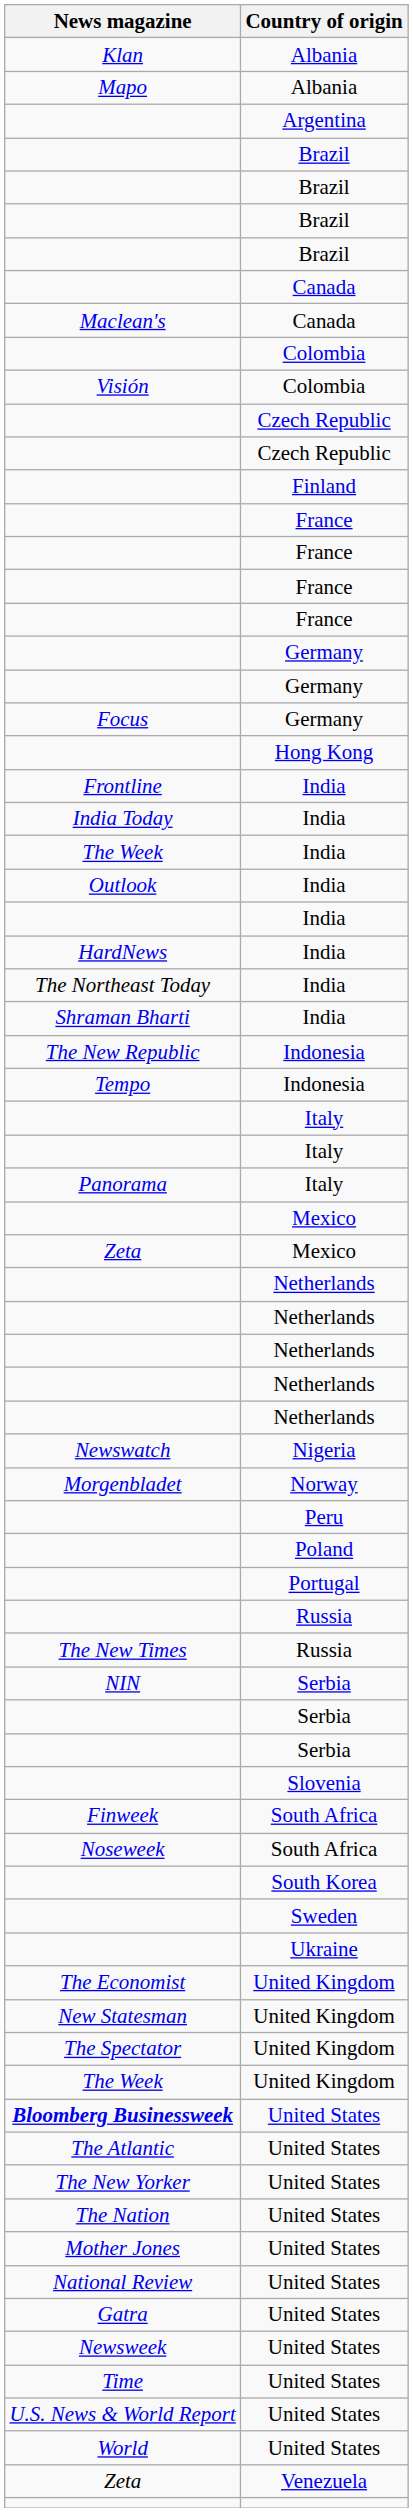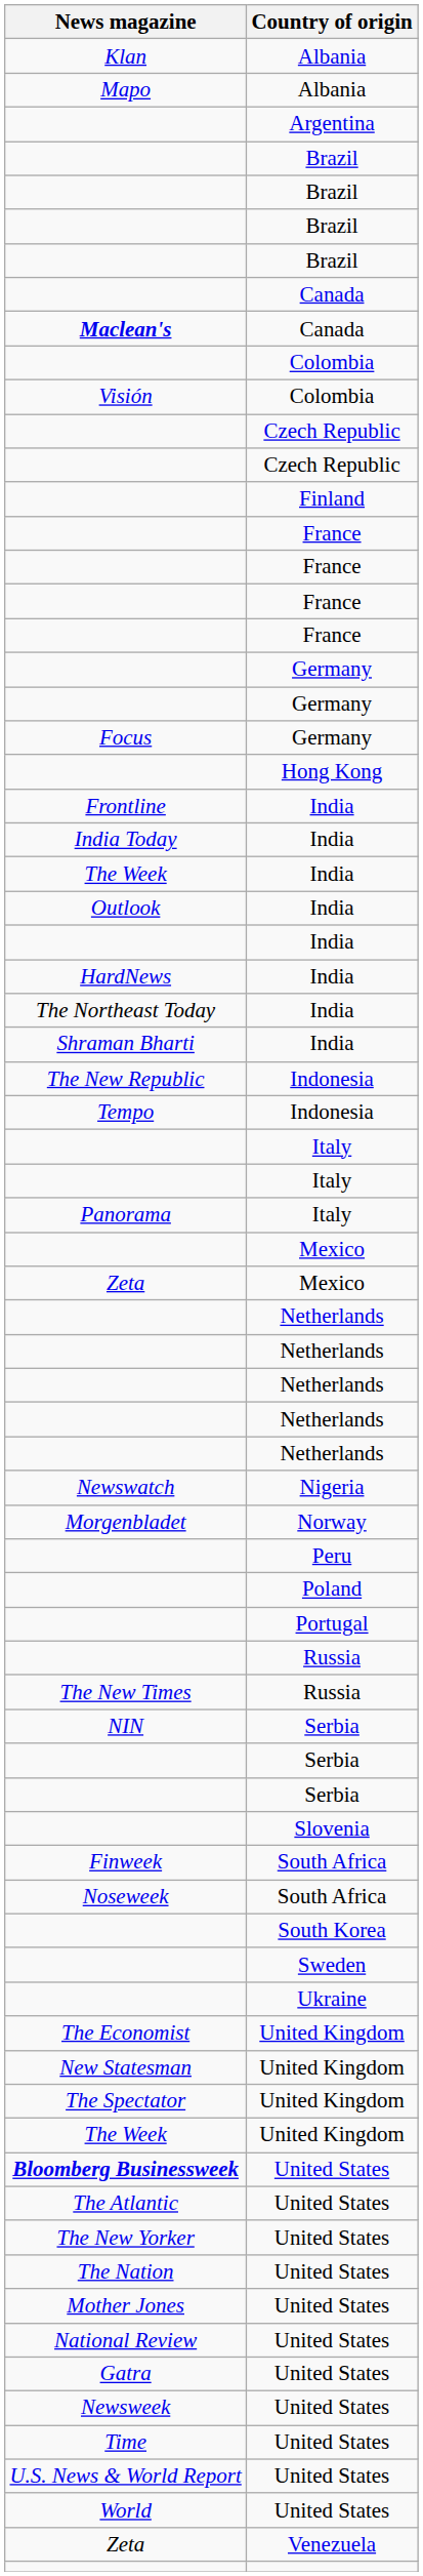 <table class="wikitable sortable" style="text-align:center">
 <tr>
 <th>News magazine</th>
 <th>Country of origin</th>
 </tr>
 <tr>
 <td><em><a href='#'>Klan</a></em></td>
 <td><a href='#'>Albania</a></td>
 </tr>
 <tr>
 <td><em><a href='#'>Mapo</a></em></td>
 <td>Albania</td>
 </tr>
 <tr>
 <td></td>
 <td><a href='#'>Argentina</a></td>
 </tr>
 <tr>
 <td></td>
 <td><a href='#'>Brazil</a></td>
 </tr>
 <tr>
 <td></td>
 <td>Brazil</td>
 </tr>
 <tr>
 <td></td>
 <td>Brazil</td>
 </tr>
 <tr>
 <td></td>
 <td>Brazil</td>
 </tr>
 <tr>
 <td></td>
 <td><a href='#'>Canada</a></td>
 </tr>
 <tr>
-<td><em><a href='#'>Maclean's</a></em></td>
+<td><strong><em><a href='#'>Maclean's</a></em></strong></td>
 <td>Canada</td>
 </tr>
 <tr>
 <td></td>
 <td><a href='#'>Colombia</a></td>
 </tr>
 <tr>
 <td><em><a href='#'>Visión</a></em></td>
 <td>Colombia</td>
 </tr>
 <tr>
 <td></td>
 <td><a href='#'>Czech Republic</a></td>
 </tr>
 <tr>
 <td></td>
 <td>Czech Republic</td>
 </tr>
 <tr>
 <td></td>
 <td><a href='#'>Finland</a></td>
 </tr>
 <tr>
 <td></td>
 <td><a href='#'>France</a></td>
 </tr>
 <tr>
 <td></td>
 <td>France</td>
 </tr>
 <tr>
 <td></td>
 <td>France</td>
 </tr>
 <tr>
 <td></td>
 <td>France</td>
 </tr>
 <tr>
 <td></td>
 <td><a href='#'>Germany</a></td>
 </tr>
 <tr>
 <td></td>
 <td>Germany</td>
 </tr>
 <tr>
 <td><em><a href='#'>Focus</a></em></td>
 <td>Germany</td>
 </tr>
 <tr>
 <td></td>
 <td><a href='#'>Hong Kong</a></td>
 </tr>
 <tr>
 <td><em><a href='#'>Frontline</a></em></td>
 <td><a href='#'>India</a></td>
 </tr>
 <tr>
 <td><em><a href='#'>India Today</a></em></td>
 <td>India</td>
 </tr>
 <tr>
 <td><em><a href='#'>The Week</a></em></td>
 <td>India</td>
 </tr>
 <tr>
 <td><em><a href='#'>Outlook</a></em></td>
 <td>India</td>
 </tr>
 <tr>
 <td></td>
 <td>India</td>
 </tr>
 <tr>
 <td><em><a href='#'>HardNews</a></em></td>
 <td>India</td>
 </tr>
 <tr>
 <td><em>The Northeast Today</em></td>
 <td>India</td>
 </tr>
 <tr>
 <td><em><a href='#'>Shraman Bharti</a></em></td>
 <td>India</td>
 </tr>
 <tr>
 <td><em><a href='#'>The New Republic</a></em></td>
 <td><a href='#'>Indonesia</a></td>
 </tr>
 <tr>
 <td><em><a href='#'>Tempo</a></em></td>
 <td>Indonesia</td>
 </tr>
 <tr>
 <td></td>
 <td><a href='#'>Italy</a></td>
 </tr>
 <tr>
 <td></td>
 <td>Italy</td>
 </tr>
 <tr>
 <td><em><a href='#'>Panorama</a></em></td>
 <td>Italy</td>
 </tr>
 <tr>
 <td></td>
 <td><a href='#'>Mexico</a></td>
 </tr>
 <tr>
 <td><em><a href='#'>Zeta</a></em></td>
 <td>Mexico</td>
 </tr>
 <tr>
 <td></td>
 <td><a href='#'>Netherlands</a></td>
 </tr>
 <tr>
 <td></td>
 <td>Netherlands</td>
 </tr>
 <tr>
 <td></td>
 <td>Netherlands</td>
 </tr>
 <tr>
 <td></td>
 <td>Netherlands</td>
 </tr>
 <tr>
 <td></td>
 <td>Netherlands</td>
 </tr>
 <tr>
 <td><em><a href='#'>Newswatch</a></em></td>
 <td><a href='#'>Nigeria</a></td>
 </tr>
 <tr>
 <td><em><a href='#'>Morgenbladet</a></em></td>
 <td><a href='#'>Norway</a></td>
 </tr>
 <tr>
 <td></td>
 <td><a href='#'>Peru</a></td>
 </tr>
 <tr>
 <td></td>
 <td><a href='#'>Poland</a></td>
 </tr>
 <tr>
 <td></td>
 <td><a href='#'>Portugal</a></td>
 </tr>
 <tr>
 <td></td>
 <td><a href='#'>Russia</a></td>
 </tr>
 <tr>
 <td><em><a href='#'>The New Times</a></em></td>
 <td>Russia</td>
 </tr>
 <tr>
 <td><em><a href='#'>NIN</a></em></td>
 <td><a href='#'>Serbia</a></td>
 </tr>
 <tr>
 <td></td>
 <td>Serbia</td>
 </tr>
 <tr>
 <td></td>
 <td>Serbia</td>
 </tr>
 <tr>
 <td></td>
 <td><a href='#'>Slovenia</a></td>
 </tr>
 <tr>
 <td><em><a href='#'>Finweek</a></em></td>
 <td><a href='#'>South Africa</a></td>
 </tr>
 <tr>
 <td><em><a href='#'>Noseweek</a></em></td>
 <td>South Africa</td>
 </tr>
 <tr>
 <td></td>
 <td><a href='#'>South Korea</a></td>
 </tr>
 <tr>
 <td></td>
 <td><a href='#'>Sweden</a></td>
 </tr>
 <tr>
 <td></td>
 <td><a href='#'>Ukraine</a></td>
 </tr>
 <tr>
 <td><em> <a href='#'>The Economist</a></em></td>
 <td><a href='#'>United Kingdom</a></td>
 </tr>
 <tr>
 <td><em><a href='#'>New Statesman</a></em></td>
 <td>United Kingdom</td>
 </tr>
 <tr>
 <td><em><a href='#'>The Spectator</a></em></td>
 <td>United Kingdom</td>
 </tr>
 <tr>
 <td><em><a href='#'>The Week</a></em></td>
 <td>United Kingdom</td>
 </tr>
 <tr>
 <td><strong><em><a href='#'>Bloomberg Businessweek</a></em></strong></td>
 <td><a href='#'>United States</a></td>
 </tr>
 <tr>
 <td><em><a href='#'>The Atlantic</a></em></td>
 <td>United States</td>
 </tr>
 <tr>
 <td><em><a href='#'>The New Yorker</a></em></td>
 <td>United States</td>
 </tr>
 <tr>
 <td><em><a href='#'>The Nation</a></em></td>
 <td>United States</td>
 </tr>
 <tr>
 <td><em><a href='#'>Mother Jones</a></em></td>
 <td>United States</td>
 </tr>
 <tr>
 <td><em><a href='#'>National Review</a></em></td>
 <td>United States</td>
 </tr>
 <tr>
 <td><em><a href='#'>Gatra</a></em></td>
 <td>United States</td>
 </tr>
 <tr>
 <td><em><a href='#'>Newsweek</a></em></td>
 <td>United States</td>
 </tr>
 <tr>
 <td><em><a href='#'>Time</a></em></td>
 <td>United States</td>
 </tr>
 <tr>
 <td><em><a href='#'>U.S. News & World Report</a></em></td>
 <td>United States</td>
 </tr>
 <tr>
 <td><em><a href='#'>World</a></em></td>
 <td>United States</td>
 </tr>
 <tr>
 <td><em>Zeta</em></td>
 <td><a href='#'>Venezuela</a></td>
 </tr>
 <tr>
 <td></td>
 <td></td>
 </tr>
 </table>
